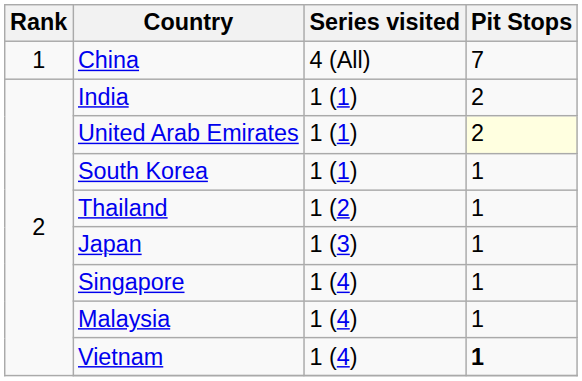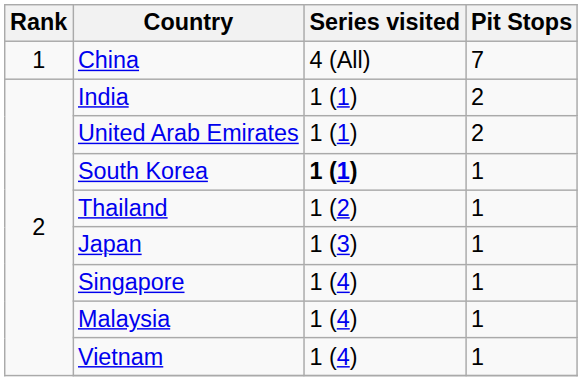 <table class="wikitable">
 <tr>
 <th>Rank</th>
 <th>Country</th>
 <th>Series visited</th>
 <th>Pit Stops</th>
 </tr>
 <tr>
 <td style="text-align:center;">1</td>
 <td><a href='#'>China</a></td>
 <td>4 (All)</td>
 <td>7</td>
 </tr>
 <tr>
 <td rowspan="14" style="text-align:center;">2</td>
 <td><a href='#'>India</a></td>
 <td>1 (<a href='#'>1</a>)</td>
 <td>2</td>
 </tr>
 <tr>
 <td><a href='#'>United Arab Emirates</a></td>
 <td>1 (<a href='#'>1</a>)</td>
-<td style="background: lightyellow;">2</td>
+<td>2</td>
 </tr>
 <tr>
 <td><a href='#'>South Korea</a></td>
-<td>1 (<a href='#'>1</a>)</td>
+<td><strong>1 (<a href='#'>1</a>)</strong></td>
 <td>1</td>
 </tr>
 <tr>
 <td><a href='#'>Thailand</a></td>
 <td>1 (<a href='#'>2</a>)</td>
 <td>1</td>
 </tr>
 <tr>
 <td><a href='#'>Japan</a></td>
 <td>1 (<a href='#'>3</a>)</td>
 <td>1</td>
 </tr>
 <tr>
 <td><a href='#'>Singapore</a></td>
 <td>1 (<a href='#'>4</a>)</td>
 <td>1</td>
 </tr>
 <tr>
 <td><a href='#'>Malaysia</a></td>
 <td>1 (<a href='#'>4</a>)</td>
 <td>1</td>
 </tr>
 <tr>
 <td><a href='#'>Vietnam</a></td>
 <td>1 (<a href='#'>4</a>)</td>
-<td><strong>1</strong></td>
+<td>1</td>
 </tr>
 <tr>
 </tr>
 </table>
